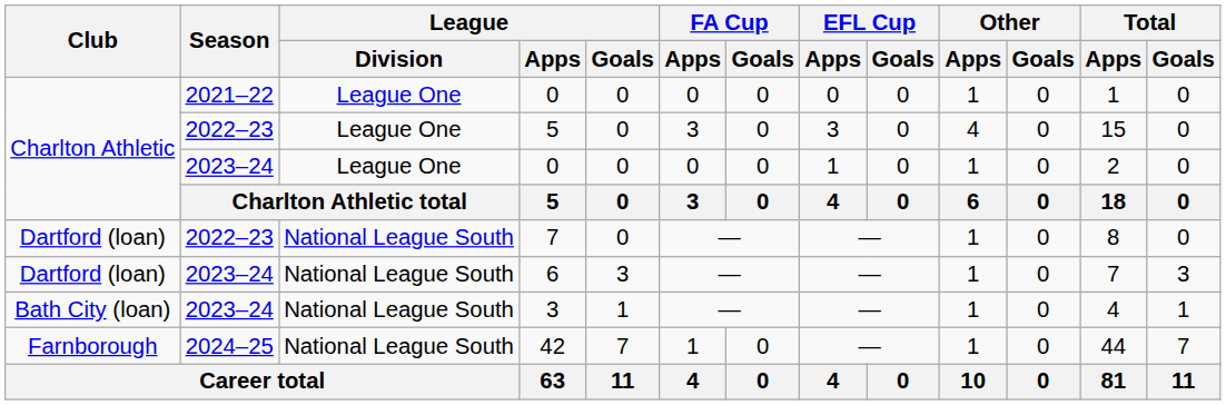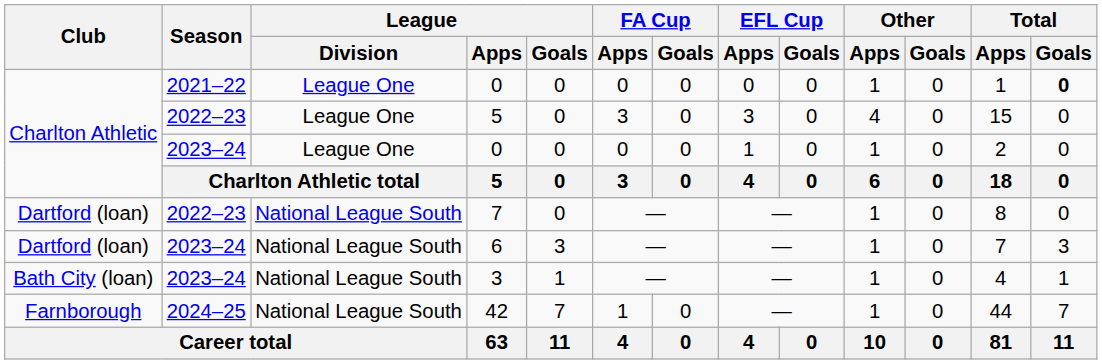 <table class=wikitable style=text-align:center>
 <tr>
 <th rowspan=2>Club</th>
 <th rowspan=2>Season</th>
 <th colspan=3>League</th>
 <th colspan=2><a href='#'>FA Cup</a></th>
 <th colspan=2><a href='#'>EFL Cup</a></th>
 <th colspan=2>Other</th>
 <th colspan=2>Total</th>
 </tr>
 <tr>
 <th>Division</th>
 <th>Apps</th>
 <th>Goals</th>
 <th>Apps</th>
 <th>Goals</th>
 <th>Apps</th>
 <th>Goals</th>
 <th>Apps</th>
 <th>Goals</th>
 <th>Apps</th>
 <th>Goals</th>
 </tr>
 <tr>
 <td rowspan="4"><a href='#'>Charlton Athletic</a></td>
 <td><a href='#'>2021–22</a></td>
 <td><a href='#'>League One</a></td>
 <td>0</td>
 <td>0</td>
 <td>0</td>
 <td>0</td>
 <td>0</td>
 <td>0</td>
 <td>1</td>
 <td>0</td>
 <td>1</td>
-<td>0</td>
+<td><strong>0</strong></td>
 </tr>
 <tr>
 <td><a href='#'>2022–23</a></td>
 <td>League One</td>
 <td>5</td>
 <td>0</td>
 <td>3</td>
 <td>0</td>
 <td>3</td>
 <td>0</td>
 <td>4</td>
 <td>0</td>
 <td>15</td>
 <td>0</td>
 </tr>
 <tr>
 <td><a href='#'>2023–24</a></td>
 <td>League One</td>
 <td>0</td>
 <td>0</td>
 <td>0</td>
 <td>0</td>
 <td>1</td>
 <td>0</td>
 <td>1</td>
 <td>0</td>
 <td>2</td>
 <td>0</td>
 </tr>
 <tr>
 <th colspan="2">Charlton Athletic total</th>
 <th>5</th>
 <th>0</th>
 <th>3</th>
 <th>0</th>
 <th>4</th>
 <th>0</th>
 <th>6</th>
 <th>0</th>
 <th>18</th>
 <th>0</th>
 </tr>
 <tr>
 <td><a href='#'>Dartford</a> (loan)</td>
 <td><a href='#'>2022–23</a></td>
 <td><a href='#'>National League South</a></td>
 <td>7</td>
 <td>0</td>
 <td colspan="2">—</td>
 <td colspan="2">—</td>
 <td>1</td>
 <td>0</td>
 <td>8</td>
 <td>0</td>
 </tr>
 <tr>
 <td><a href='#'>Dartford</a> (loan)</td>
 <td><a href='#'>2023–24</a></td>
 <td>National League South</td>
 <td>6</td>
 <td>3</td>
 <td colspan="2">—</td>
 <td colspan="2">—</td>
 <td>1</td>
 <td>0</td>
 <td>7</td>
 <td>3</td>
 </tr>
 <tr>
 <td><a href='#'>Bath City</a> (loan)</td>
 <td><a href='#'>2023–24</a></td>
 <td>National League South</td>
 <td>3</td>
 <td>1</td>
 <td colspan="2">—</td>
 <td colspan="2">—</td>
 <td>1</td>
 <td>0</td>
 <td>4</td>
 <td>1</td>
 </tr>
 <tr>
 <td><a href='#'>Farnborough</a></td>
 <td><a href='#'>2024–25</a></td>
 <td>National League South</td>
 <td>42</td>
 <td>7</td>
 <td>1</td>
 <td>0</td>
 <td colspan="2">—</td>
 <td>1</td>
 <td>0</td>
 <td>44</td>
 <td>7</td>
 </tr>
 <tr>
 <th colspan=3>Career total</th>
 <th>63</th>
 <th>11</th>
 <th>4</th>
 <th>0</th>
 <th>4</th>
 <th>0</th>
 <th>10</th>
 <th>0</th>
 <th>81</th>
 <th>11</th>
 </tr>
 </table>
